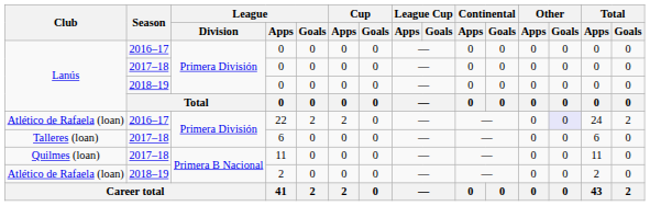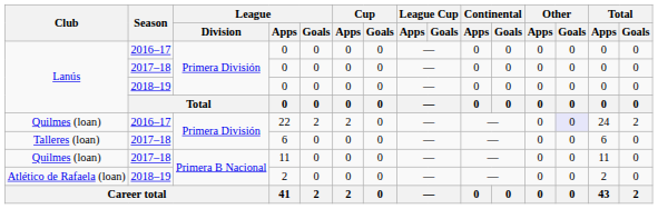 <table class="wikitable" style="text-align:center">
 <tr>
 <th rowspan="2">Club</th>
 <th rowspan="2">Season</th>
 <th colspan="3">League</th>
 <th colspan="2">Cup</th>
 <th colspan="2">League Cup</th>
 <th colspan="2">Continental</th>
 <th colspan="2">Other</th>
 <th colspan="2">Total</th>
 </tr>
 <tr>
 <th>Division</th>
 <th>Apps</th>
 <th>Goals</th>
 <th>Apps</th>
 <th>Goals</th>
 <th>Apps</th>
 <th>Goals</th>
 <th>Apps</th>
 <th>Goals</th>
 <th>Apps</th>
 <th>Goals</th>
 <th>Apps</th>
 <th>Goals</th>
 </tr>
 <tr>
 <td rowspan="4"><a href='#'>Lanús</a></td>
 <td><a href='#'>2016–17</a></td>
 <td rowspan="3"><a href='#'>Primera División</a></td>
 <td>0</td>
 <td>0</td>
 <td>0</td>
 <td>0</td>
 <td colspan="2">—</td>
 <td>0</td>
 <td>0</td>
 <td>0</td>
 <td>0</td>
 <td>0</td>
 <td>0</td>
 </tr>
 <tr>
 <td><a href='#'>2017–18</a></td>
 <td>0</td>
 <td>0</td>
 <td>0</td>
 <td>0</td>
 <td colspan="2">—</td>
 <td>0</td>
 <td>0</td>
 <td>0</td>
 <td>0</td>
 <td>0</td>
 <td>0</td>
 </tr>
 <tr>
 <td><a href='#'>2018–19</a></td>
 <td>0</td>
 <td>0</td>
 <td>0</td>
 <td>0</td>
 <td colspan="2">—</td>
 <td>0</td>
 <td>0</td>
 <td>0</td>
 <td>0</td>
 <td>0</td>
 <td>0</td>
 </tr>
 <tr>
 <th colspan="2">Total</th>
 <th>0</th>
 <th>0</th>
 <th>0</th>
 <th>0</th>
 <th colspan="2">—</th>
 <th>0</th>
 <th>0</th>
 <th>0</th>
 <th>0</th>
 <th>0</th>
 <th>0</th>
 </tr>
 <tr>
-<td rowspan="1"><a href='#'>Atlético de Rafaela</a> (loan)</td>
+<td rowspan="1"><a href='#'>Quilmes</a> (loan)</td>
 <td><a href='#'>2016–17</a></td>
 <td rowspan="2"><a href='#'>Primera División</a></td>
 <td>22</td>
 <td>2</td>
 <td>2</td>
 <td>0</td>
 <td colspan="2">—</td>
 <td colspan="2">—</td>
 <td>0</td>
 <td style="background: lavender;">0</td>
 <td>24</td>
 <td>2</td>
 </tr>
 <tr>
 <td rowspan="1"><a href='#'>Talleres</a> (loan)</td>
 <td><a href='#'>2017–18</a></td>
 <td>6</td>
 <td>0</td>
 <td>0</td>
 <td>0</td>
 <td colspan="2">—</td>
 <td colspan="2">—</td>
 <td>0</td>
 <td>0</td>
 <td>6</td>
 <td>0</td>
 </tr>
 <tr>
 <td rowspan="1"><a href='#'>Quilmes</a> (loan)</td>
 <td><a href='#'>2017–18</a></td>
 <td rowspan="2"><a href='#'>Primera B Nacional</a></td>
 <td>11</td>
 <td>0</td>
 <td>0</td>
 <td>0</td>
 <td colspan="2">—</td>
 <td colspan="2">—</td>
 <td>0</td>
 <td>0</td>
 <td>11</td>
 <td>0</td>
 </tr>
 <tr>
 <td rowspan="1"><a href='#'>Atlético de Rafaela</a> (loan)</td>
 <td><a href='#'>2018–19</a></td>
 <td>2</td>
 <td>0</td>
 <td>0</td>
 <td>0</td>
 <td colspan="2">—</td>
 <td colspan="2">—</td>
 <td>0</td>
 <td>0</td>
 <td>2</td>
 <td>0</td>
 </tr>
 <tr>
 <th colspan="3">Career total</th>
 <th>41</th>
 <th>2</th>
 <th>2</th>
 <th>0</th>
 <th colspan="2">—</th>
 <th>0</th>
 <th>0</th>
 <th>0</th>
 <th>0</th>
 <th>43</th>
 <th>2</th>
 </tr>
 </table>
